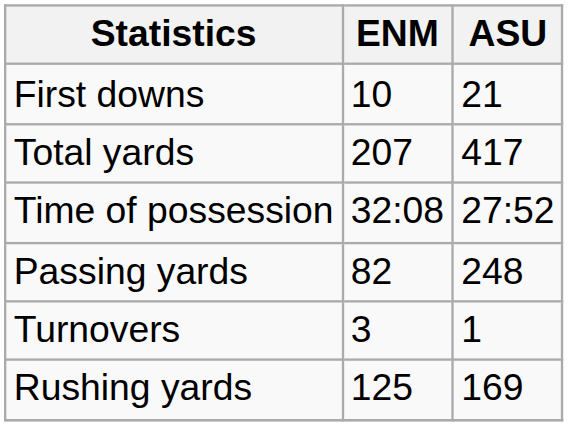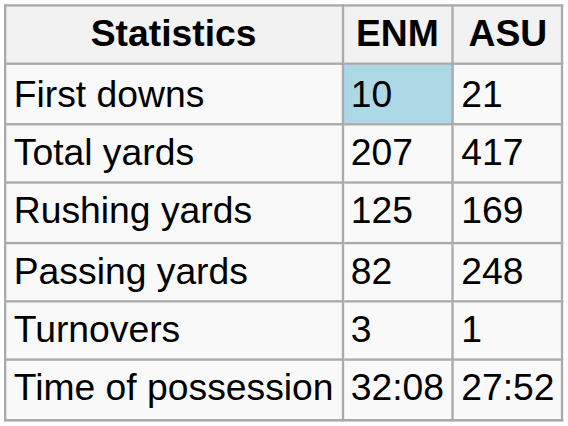 <table class="wikitable" style="float: left;">
 <tr>
 <th>Statistics</th>
 <th>ENM</th>
 <th>ASU</th>
 </tr>
 <tr>
 <td>First downs</td>
-<td>10</td>
+<td style="background: lightblue;">10</td>
 <td>21</td>
 </tr>
 <tr>
 <td>Total yards</td>
 <td>207</td>
 <td>417</td>
 </tr>
 <tr>
-<td>Time of possession</td>
-<td>32:08</td>
-<td>27:52</td>
+<td>Rushing yards</td>
+<td>125</td>
+<td>169</td>
 </tr>
 <tr>
 <td>Passing yards</td>
 <td>82</td>
 <td>248</td>
 </tr>
 <tr>
 <td>Turnovers</td>
 <td>3</td>
 <td>1</td>
 </tr>
 <tr>
-<td>Rushing yards</td>
-<td>125</td>
-<td>169</td>
+<td>Time of possession</td>
+<td>32:08</td>
+<td>27:52</td>
 </tr>
 <tr>
 </tr>
 </table>
